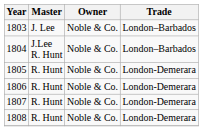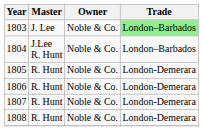 <table class="sortable wikitable">
 <tr>
 <th>Year</th>
 <th>Master</th>
 <th>Owner</th>
 <th>Trade</th>
 </tr>
 <tr>
 <td>1803</td>
 <td>J. Lee</td>
 <td>Noble & Co.</td>
-<td>London–Barbados</td>
+<td style="background: lightgreen;">London–Barbados</td>
 </tr>
 <tr>
 <td>1804</td>
 <td>J.Lee<br>R. Hunt</td>
 <td>Noble & Co.</td>
 <td>London–Barbados</td>
 </tr>
 <tr>
 <td>1805</td>
 <td>R. Hunt</td>
 <td>Noble & Co.</td>
 <td>London-Demerara</td>
 </tr>
 <tr>
 <td>1806</td>
 <td>R. Hunt</td>
 <td>Noble & Co.</td>
 <td>London-Demerara</td>
 </tr>
 <tr>
 <td>1807</td>
 <td>R. Hunt</td>
 <td>Noble & Co.</td>
 <td>London-Demerara</td>
 </tr>
 <tr>
 <td>1808</td>
 <td>R. Hunt</td>
 <td>Noble & Co.</td>
 <td>London-Demerara</td>
 </tr>
 <tr>
 </tr>
 </table>
